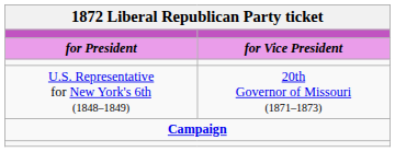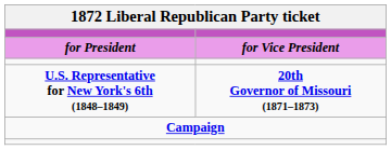 <table class="wikitable" style="font-size:90%; text-align:center;">
 <tr>
 <td style="background:#f1f1f1;" colspan="30"><big><strong>1872 Liberal Republican Party ticket</strong></big></td>
 </tr>
 <tr>
 <th style="width:3em; font-size:135%; background:#C154C1; width:200px;"><a href='#'></a></th>
 <th style="width:3em; font-size:135%; background:#C154C1; width:200px;"><a href='#'></a></th>
 </tr>
 <tr style="color:#000000; font-size:100%;">
 <td style="width:3em; font-size:100%; color:#000000; background:#EA9DEA; width:200px;"><strong><em>for President</em></strong></td>
 <td style="width:3em; font-size:100%; color:#000000; background:#EA9DEA; width:200px;"><strong><em>for Vice President</em></strong></td>
 </tr>
 <tr>
 <td></td>
 <td></td>
 </tr>
 <tr>
-<td><a href='#'>U.S. Representative</a><br>for <a href='#'>New York's 6th</a><br><small>(1848–1849)</small></td>
-<td><a href='#'>20th</a><br><a href='#'>Governor of Missouri</a><br><small>(1871–1873)</small></td>
+<td><strong><a href='#'>U.S. Representative</a><br>for <a href='#'>New York's 6th</a><br><small>(1848–1849)</small></strong></td>
+<td><strong><a href='#'>20th</a><br><a href='#'>Governor of Missouri</a><br><small>(1871–1873)</small></strong></td>
 </tr>
 <tr>
 <td colspan=2><a href='#'><strong>Campaign</strong></a></td>
 </tr>
 <tr>
 <td colspan=2></td>
 </tr>
 </table>
